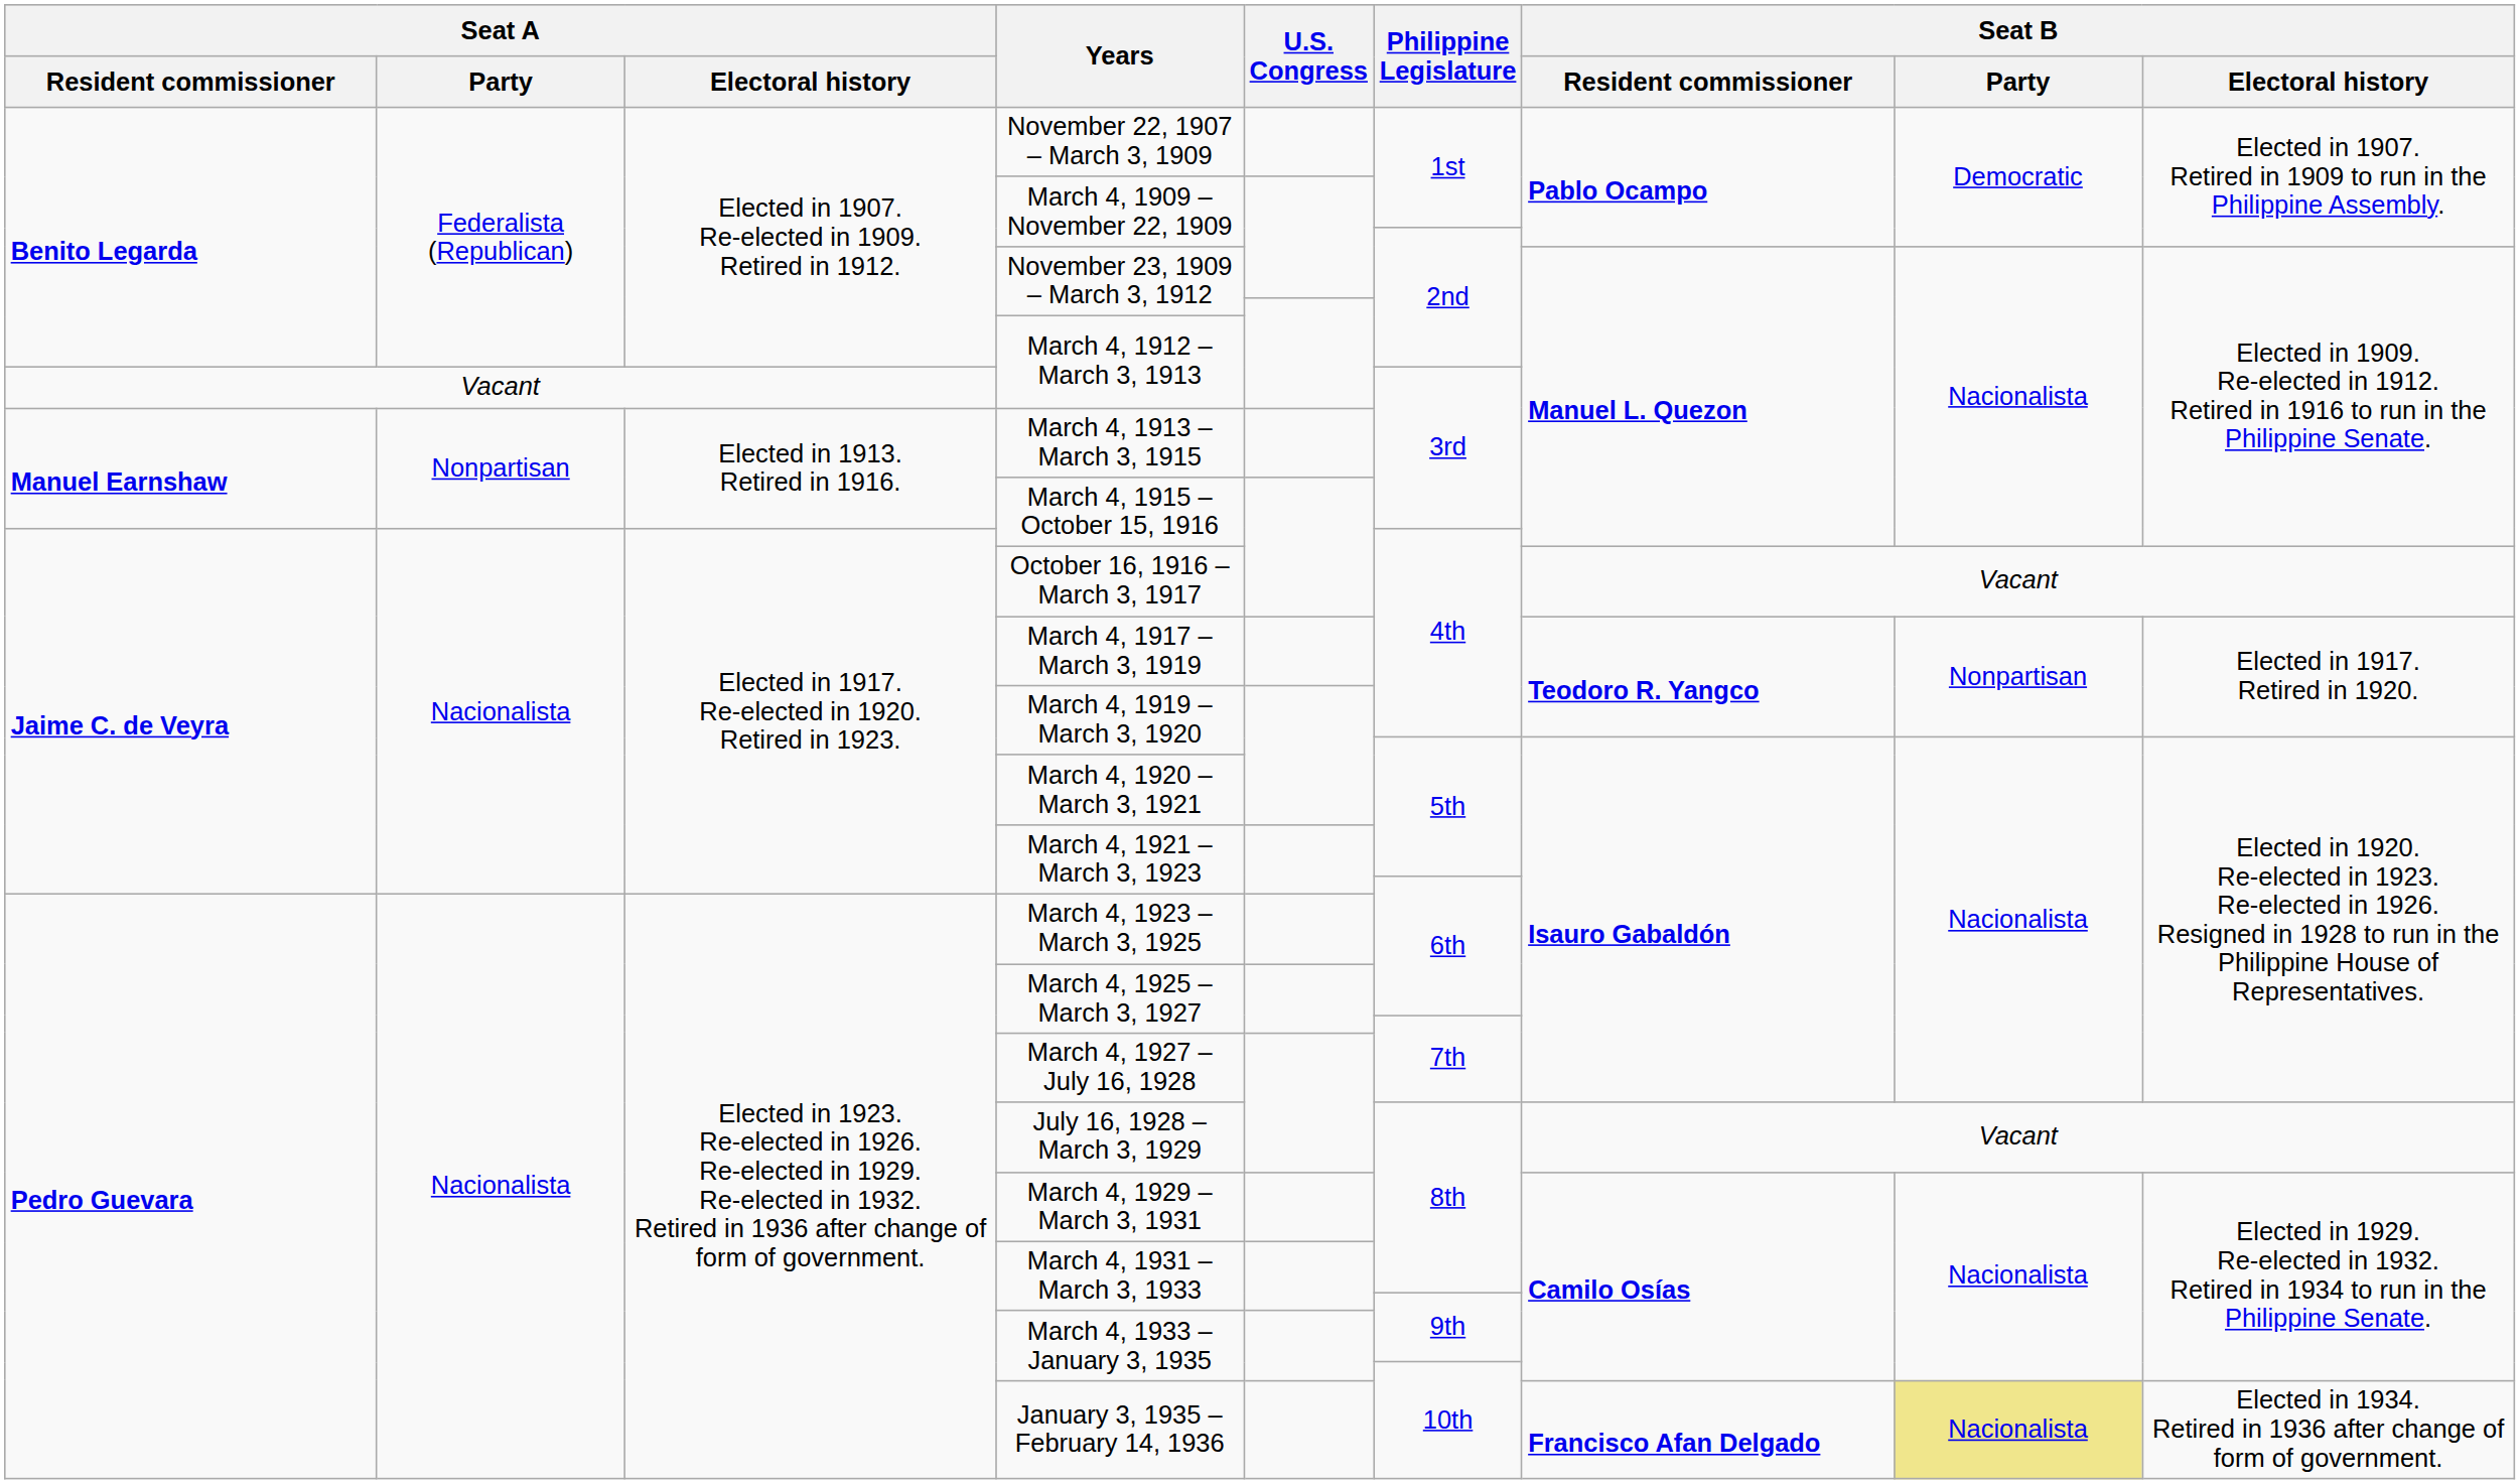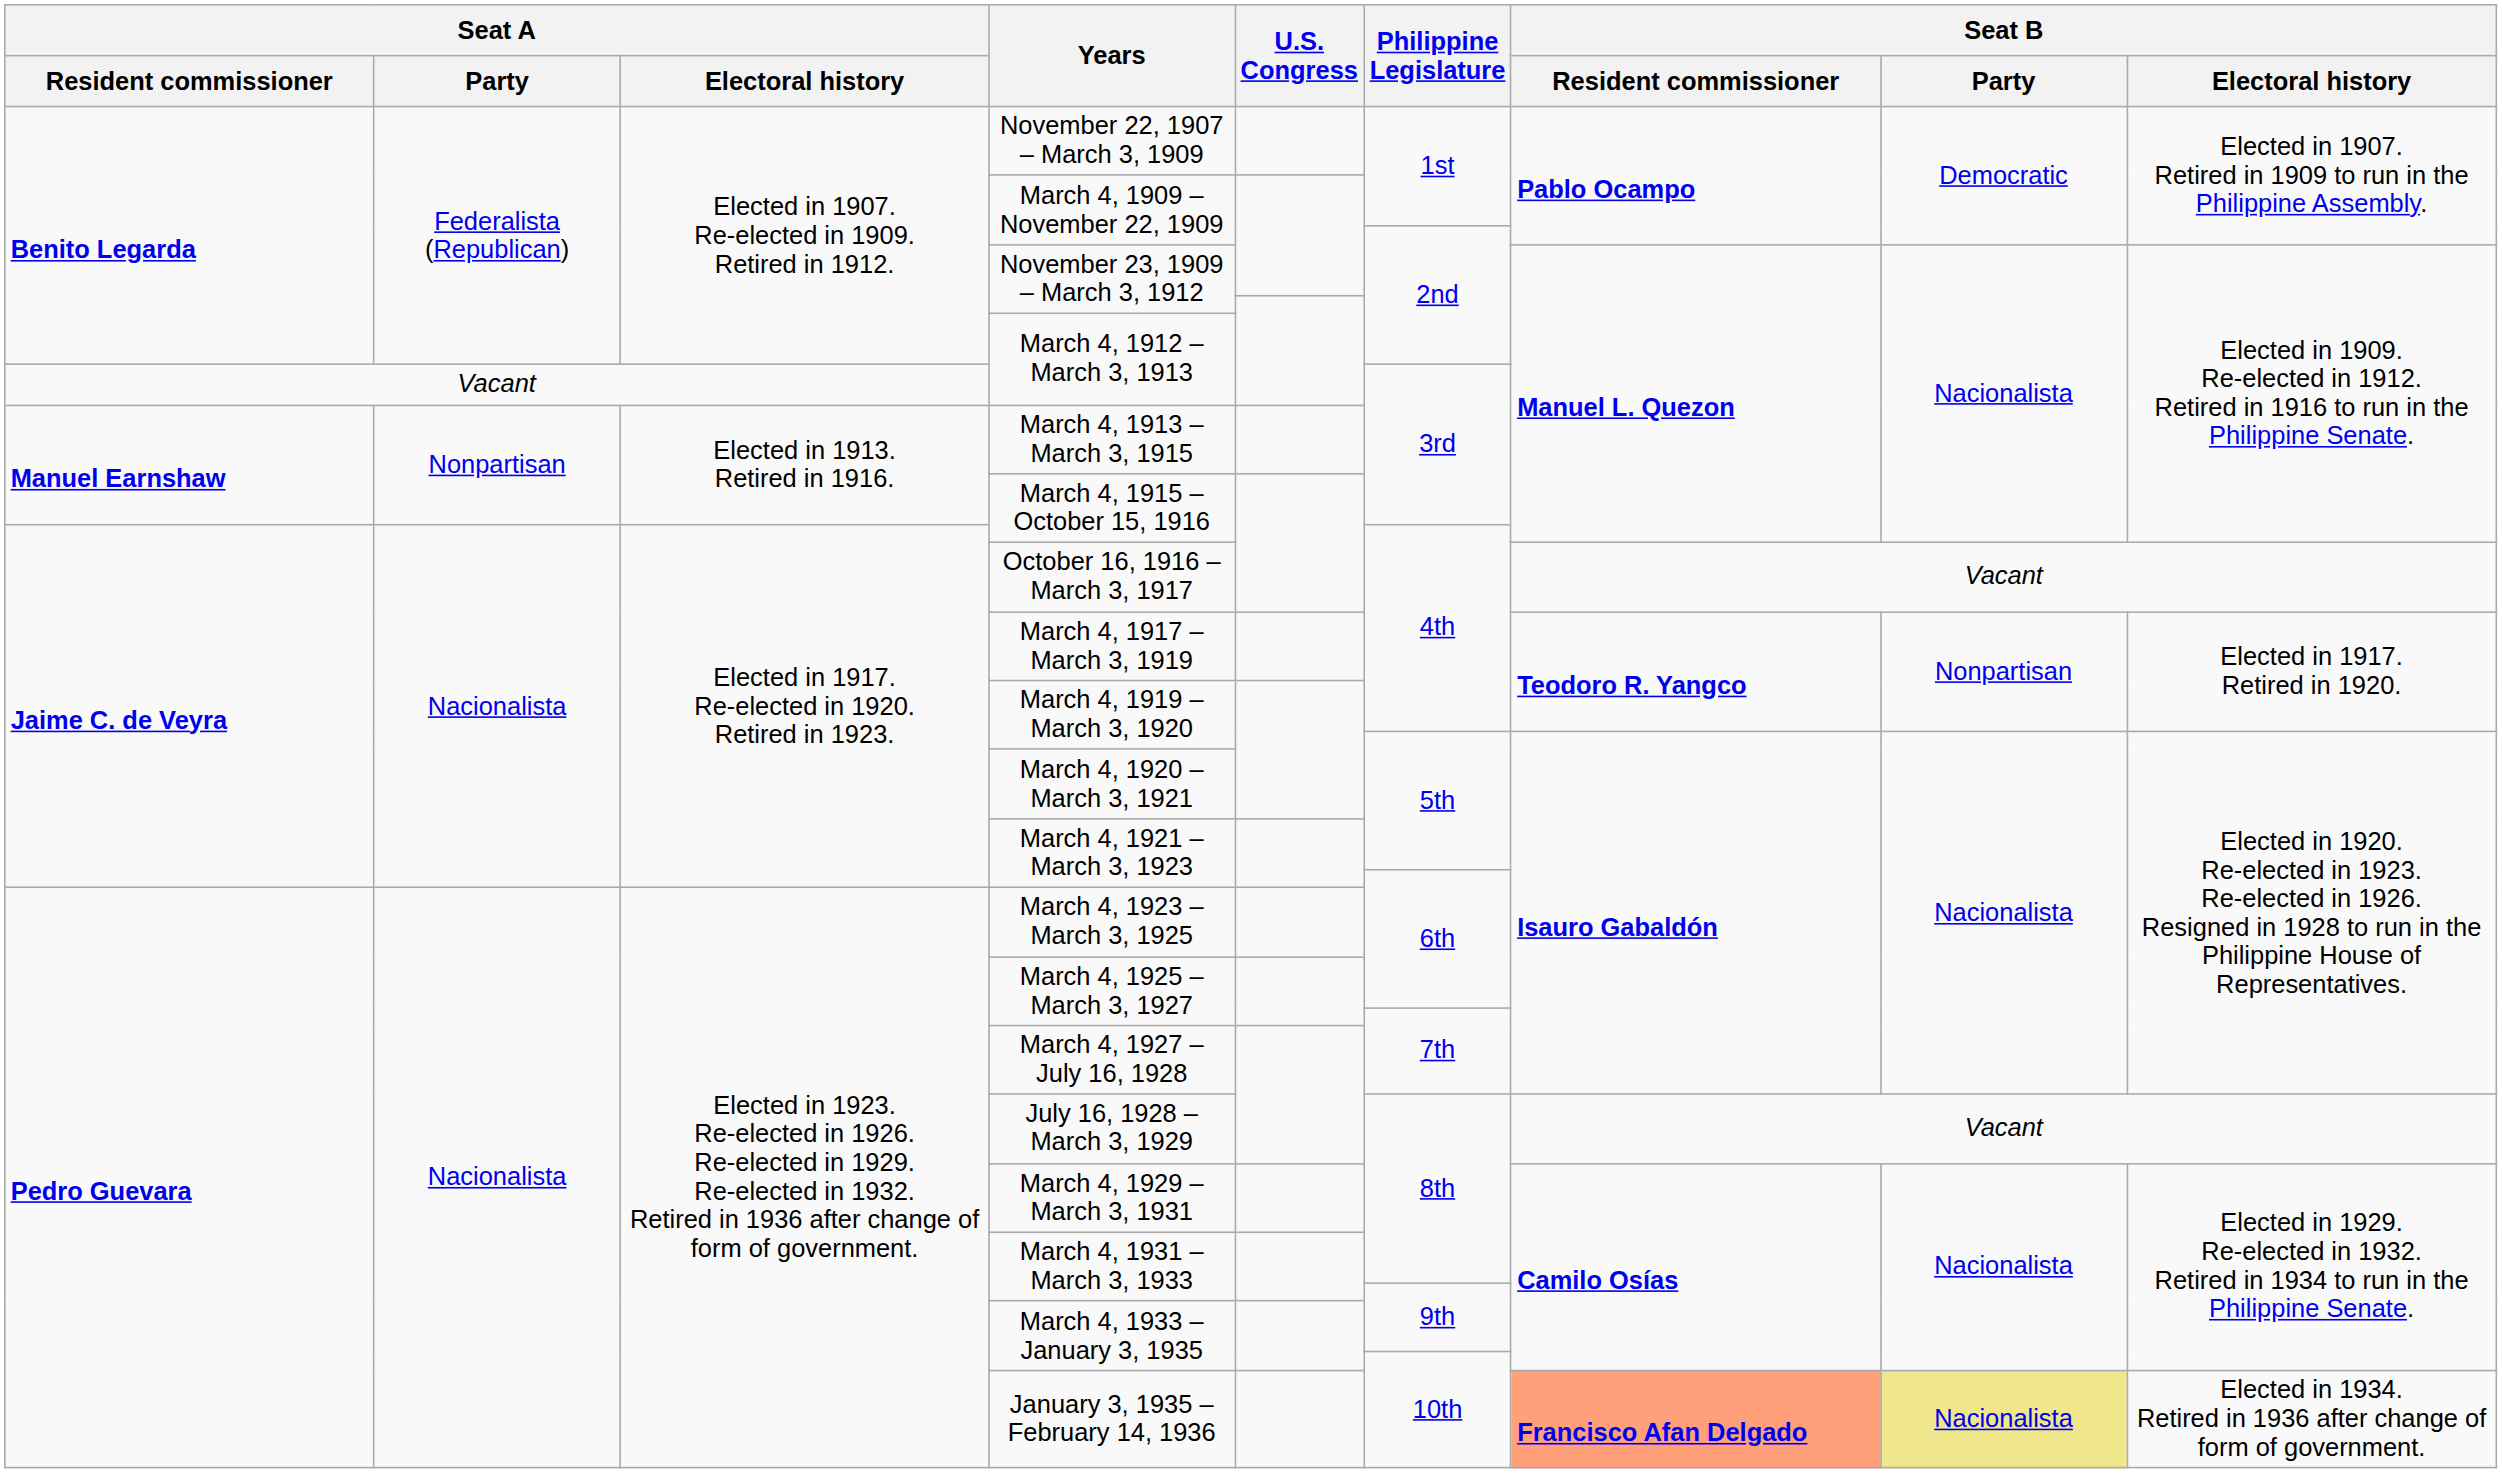 <table class="wikitable" style="text-align:center">
 <tr style="height:2em">
 <th colspan="3">Seat A</th>
 <th rowspan="2" width="10%">Years</th>
 <th width=5% rowspan=2><a href='#'>U.S. Congress</a></th>
 <th rowspan="2" width="5%"><a href='#'>Philippine Legislature</a></th>
 <th colspan=3>Seat B</th>
 </tr>
 <tr style="height:2em">
 <th width=15%>Resident commissioner</th>
 <th width=10%>Party</th>
 <th width=15%>Electoral history</th>
 <th width=15%>Resident commissioner</th>
 <th width=10%>Party</th>
 <th width=15%>Electoral history</th>
 </tr>
 <tr style="height:2em">
 <td rowspan="6" align="left"><br><strong><a href='#'>Benito Legarda</a></strong><br></td>
 <td rowspan="6" ><a href='#'>Federalista</a><br>(<a href='#'>Republican</a>)</td>
 <td rowspan="6">Elected in 1907.<br>Re-elected in 1909.<br>Retired in 1912.</td>
 <td>November 22, 1907 – March 3, 1909</td>
 <td></td>
 <td rowspan="2"><a href='#'>1st</a></td>
 <td rowspan="3" align="left"><br><strong><a href='#'>Pablo Ocampo</a></strong><br></td>
 <td rowspan="3" ><a href='#'>Democratic</a></td>
 <td rowspan="3">Elected in 1907.<br>Retired in 1909 to run in the <a href='#'>Philippine Assembly</a>.</td>
 </tr>
 <tr style="height:2em">
 <td rowspan="2">March 4, 1909 – November 22, 1909</td>
 <td rowspan="3"></td>
 </tr>
 <tr>
 <td rowspan="4"><a href='#'>2nd</a></td>
 </tr>
 <tr style="height:2em">
 <td rowspan="2">November 23, 1909 – March 3, 1912</td>
 <td rowspan="7" align="left"><br><strong><a href='#'>Manuel L. Quezon</a></strong><br></td>
 <td rowspan="7"><a href='#'>Nacionalista</a></td>
 <td rowspan="7">Elected in 1909.<br>Re-elected in 1912.<br>Retired in 1916 to run in the <a href='#'>Philippine Senate</a>.</td>
 </tr>
 <tr>
 <td rowspan="3"></td>
 </tr>
 <tr style="height:2em">
 <td rowspan="2">March 4, 1912 – March 3, 1913</td>
 </tr>
 <tr>
 <td colspan="3"><em>Vacant</em></td>
 <td rowspan="3"><a href='#'>3rd</a></td>
 </tr>
 <tr style="height:2em">
 <td rowspan="2" align="left"><br><strong><a href='#'>Manuel Earnshaw</a></strong><br></td>
 <td rowspan="2" ><a href='#'>Nonpartisan</a></td>
 <td rowspan="2">Elected in 1913.<br>Retired in 1916.</td>
 <td>March 4, 1913 – March 3, 1915</td>
 <td></td>
 </tr>
 <tr style="height:2em">
 <td rowspan="2">March 4, 1915 – October 15, 1916</td>
 <td rowspan="3"></td>
 </tr>
 <tr>
 <td rowspan="8" align="left"><br><strong><a href='#'>Jaime C. de Veyra</a></strong><br></td>
 <td rowspan="8"><a href='#'>Nacionalista</a></td>
 <td rowspan="8">Elected in 1917.<br>Re-elected in 1920.<br>Retired in 1923.</td>
 <td rowspan="4"><a href='#'>4th</a></td>
 </tr>
 <tr style="height:2em">
 <td>October 16, 1916 – March 3, 1917</td>
 <td colspan=3><em>Vacant</em></td>
 </tr>
 <tr style="height:2em">
 <td>March 4, 1917 – March 3, 1919</td>
 <td></td>
 <td rowspan=2 align=left><br><strong><a href='#'>Teodoro R. Yangco</a></strong><br></td>
 <td rowspan=2 ><a href='#'>Nonpartisan</a></td>
 <td rowspan=2>Elected in 1917.<br>Retired in 1920.</td>
 </tr>
 <tr style="height:2em">
 <td rowspan="2">March 4, 1919 – March 3, 1920</td>
 <td rowspan="3"></td>
 </tr>
 <tr>
 <td rowspan="3"><a href='#'>5th</a></td>
 <td rowspan="8" align="left"><br><strong><a href='#'>Isauro Gabaldón</a></strong><br></td>
 <td rowspan="8"><a href='#'>Nacionalista</a></td>
 <td rowspan="8">Elected in 1920.<br>Re-elected in 1923.<br>Re-elected in 1926.<br>Resigned in 1928 to run in the Philippine House of Representatives.</td>
 </tr>
 <tr style="height:2em">
 <td>March 4, 1920 – March 3, 1921</td>
 </tr>
 <tr style="height:2em">
 <td rowspan="2">March 4, 1921 – March 3, 1923</td>
 <td rowspan="2"></td>
 </tr>
 <tr>
 <td rowspan="3"><a href='#'>6th</a></td>
 </tr>
 <tr style="height:2em">
 <td rowspan="11" align="left"><br><strong><a href='#'>Pedro Guevara</a></strong><br></td>
 <td rowspan="11"><a href='#'>Nacionalista</a></td>
 <td rowspan="11">Elected in 1923.<br>Re-elected in 1926.<br>Re-elected in 1929.<br>Re-elected in 1932.<br>Retired in 1936 after change of form of government.</td>
 <td>March 4, 1923 – March 3, 1925</td>
 <td></td>
 </tr>
 <tr style="height:2em">
 <td rowspan="2">March 4, 1925 – March 3, 1927</td>
 <td rowspan="2"></td>
 </tr>
 <tr>
 <td rowspan="2"><a href='#'>7th</a></td>
 </tr>
 <tr style="height:2em">
 <td>March 4, 1927 – July 16, 1928</td>
 <td rowspan=2></td>
 </tr>
 <tr style="height:2em">
 <td>July 16, 1928 – March 3, 1929</td>
 <td rowspan="3"><a href='#'>8th</a></td>
 <td colspan=3><em>Vacant</em></td>
 </tr>
 <tr style="height:2em">
 <td>March 4, 1929 – March 3, 1931</td>
 <td></td>
 <td rowspan="5" align="left"><br><strong><a href='#'>Camilo Osías</a></strong><br></td>
 <td rowspan="5"><a href='#'>Nacionalista</a></td>
 <td rowspan="5">Elected in 1929.<br>Re-elected in 1932.<br>Retired in 1934 to run in the <a href='#'>Philippine Senate</a>.</td>
 </tr>
 <tr style="height:2em">
 <td rowspan="2">March 4, 1931 – March 3, 1933</td>
 <td rowspan="2"></td>
 </tr>
 <tr>
 <td rowspan="2"><a href='#'>9th</a></td>
 </tr>
 <tr style="height:2em">
 <td rowspan="2">March 4, 1933 – January 3, 1935</td>
 <td rowspan="2"></td>
 </tr>
 <tr>
 <td rowspan="2"><a href='#'>10th</a></td>
 </tr>
 <tr style="height:2em">
 <td>January 3, 1935 – February 14, 1936</td>
 <td rowspan="2"></td>
-<td align="left"><br><strong><a href='#'>Francisco Afan Delgado</a></strong><br></td>
+<td align="left" style="background: lightsalmon;"><br><strong><a href='#'>Francisco Afan Delgado</a></strong><br></td>
 <td style="background: khaki;"><a href='#'>Nacionalista</a></td>
 <td>Elected in 1934.<br>Retired in 1936 after change of form of government.</td>
 </tr>
 </table>
